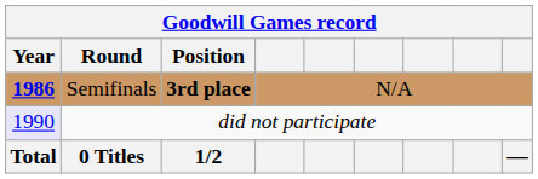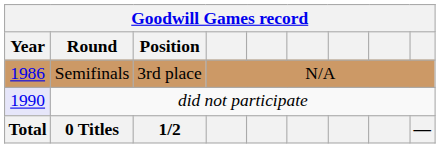 <table class="wikitable" style="text-align: center;">
 <tr>
 <th colspan=9><a href='#'>Goodwill Games record</a></th>
 </tr>
 <tr>
 <th>Year</th>
 <th>Round</th>
 <th>Position</th>
 <th width=30></th>
 <th width=30></th>
 <th width=30></th>
 <th width=30></th>
 <th width=30></th>
 <th></th>
 </tr>
 <tr bgcolor=#cc9966>
-<td><strong> <a href='#'>1986</a></strong></td>
+<td> <a href='#'>1986</a></td>
 <td>Semifinals</td>
-<td><strong>3rd place</strong></td>
+<td>3rd place</td>
 <td colspan=6>N/A</td>
 </tr>
 <tr>
 <td style="background: lavender;"> <a href='#'>1990</a></td>
 <td colspan=8><em>did not participate</em></td>
 </tr>
 <tr>
 <th>Total</th>
 <th>0 Titles</th>
 <th>1/2</th>
 <th></th>
 <th></th>
 <th></th>
 <th></th>
 <th></th>
 <th>—</th>
 </tr>
 </table>
